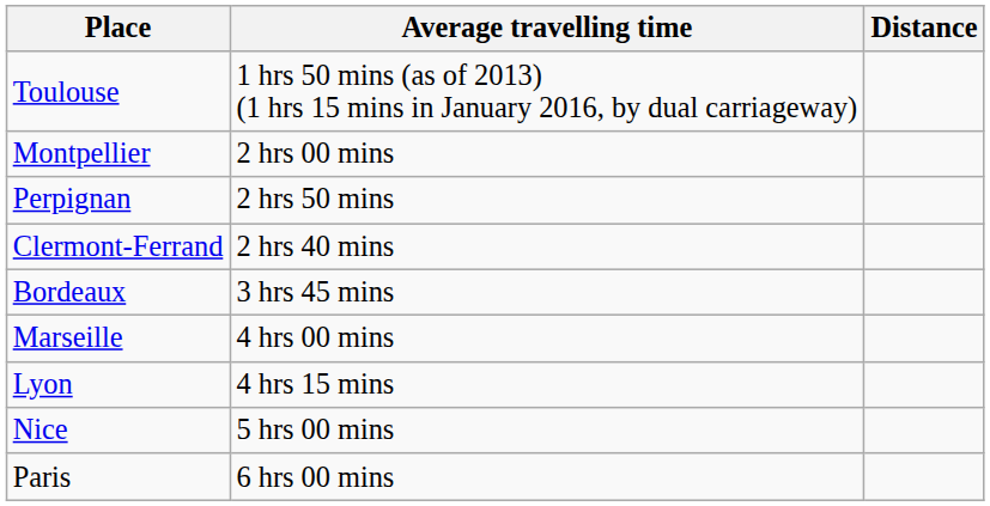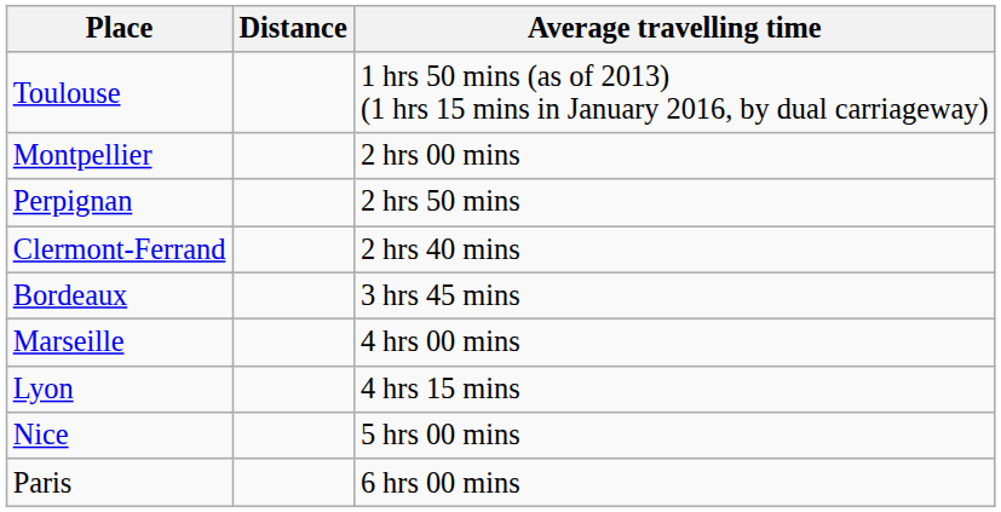 <table class="wikitable" style="margin: 0 auto">
 <tr>
 <th>Place</th>
+<th>Distance</th>
 <th>Average travelling time</th>
-<th>Distance</th>
 </tr>
 <tr>
 <td><a href='#'>Toulouse</a></td>
+<td></td>
 <td>1 hrs 50 mins (as of 2013)<br>(1 hrs 15 mins in January 2016, by dual carriageway)</td>
-<td></td>
 </tr>
 <tr>
 <td><a href='#'>Montpellier</a></td>
+<td></td>
 <td>2 hrs 00 mins</td>
-<td></td>
 </tr>
 <tr>
 <td><a href='#'>Perpignan</a></td>
+<td></td>
 <td>2 hrs 50 mins</td>
-<td></td>
 </tr>
 <tr>
 <td><a href='#'>Clermont-Ferrand</a></td>
+<td></td>
 <td>2 hrs 40 mins</td>
-<td></td>
 </tr>
 <tr>
 <td><a href='#'>Bordeaux</a></td>
+<td></td>
 <td>3 hrs 45 mins</td>
-<td></td>
 </tr>
 <tr>
 <td><a href='#'>Marseille</a></td>
+<td></td>
 <td>4 hrs 00 mins</td>
-<td></td>
 </tr>
 <tr>
 <td><a href='#'>Lyon</a></td>
+<td></td>
 <td>4 hrs 15 mins</td>
-<td></td>
 </tr>
 <tr>
 <td><a href='#'>Nice</a></td>
+<td></td>
 <td>5 hrs 00 mins</td>
-<td></td>
 </tr>
 <tr>
 <td>Paris</td>
+<td></td>
 <td>6 hrs 00 mins</td>
-<td></td>
 </tr>
 </table>
